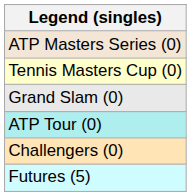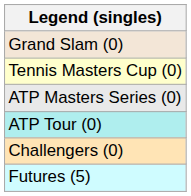 <table class="wikitable">
 <tr>
 <th>Legend (singles)</th>
 </tr>
 <tr style="background:#f3e6d7;">
-<td>ATP Masters Series (0)</td>
+<td>Grand Slam (0)</td>
 </tr>
 <tr style="background:#ffc;">
 <td>Tennis Masters Cup (0)</td>
 </tr>
 <tr style="background:#e9e9e9;">
-<td>Grand Slam (0)</td>
+<td>ATP Masters Series (0)</td>
 </tr>
 <tr>
 <td style="background: paleturquoise;">ATP Tour (0)</td>
 </tr>
 <tr style="background:moccasin;">
 <td>Challengers (0)</td>
 </tr>
 <tr style="background:#cffcff;">
 <td>Futures (5)</td>
 </tr>
 </table>
